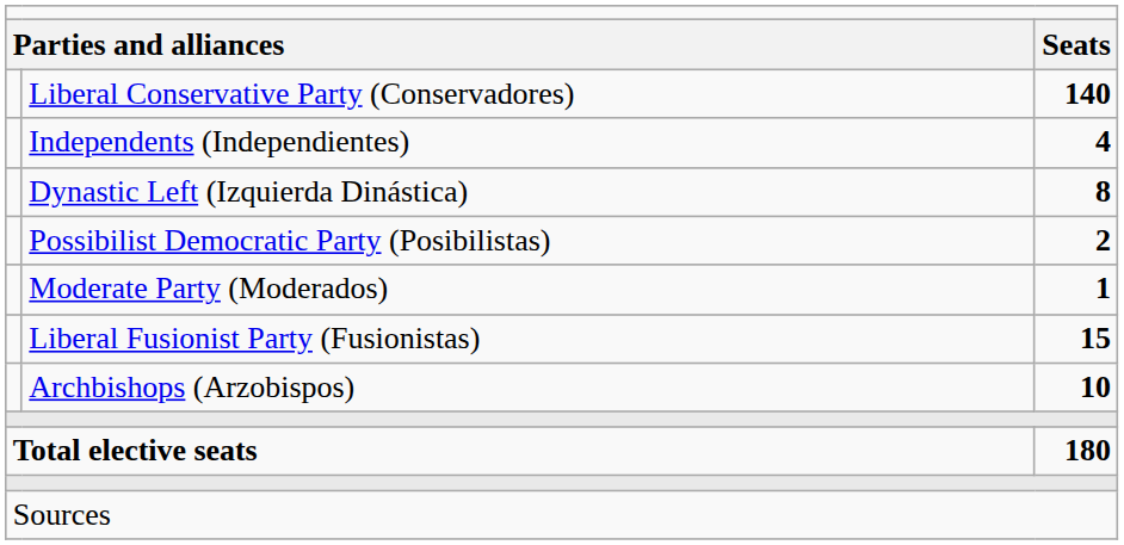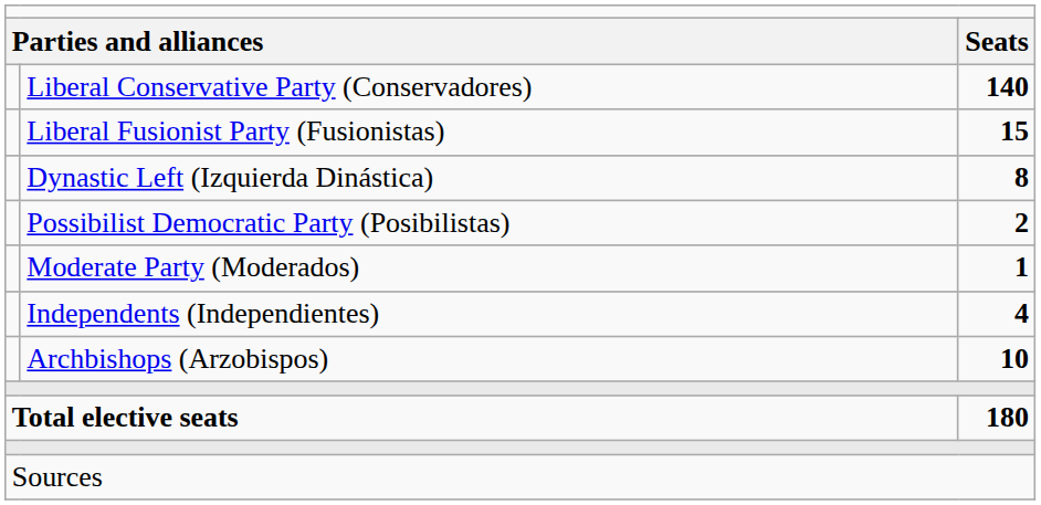 <table class="wikitable" style="text-align:right;">
 <tr>
 <td colspan="3"></td>
 </tr>
 <tr>
 <th style="text-align:left;" colspan="2" width="525">Parties and alliances</th>
 <th width="35">Seats</th>
 </tr>
 <tr>
 <td width="1" style="color:inherit;background:"></td>
 <td align="left"><a href='#'>Liberal Conservative Party</a> (Conservadores)</td>
 <td><strong>140</strong></td>
 </tr>
 <tr>
 <td style="color:inherit;background:"></td>
-<td align="left"><a href='#'>Independents</a> (Independientes)</td>
-<td><strong>4</strong></td>
+<td align="left"><a href='#'>Liberal Fusionist Party</a> (Fusionistas)</td>
+<td><strong>15</strong></td>
 </tr>
 <tr>
 <td style="color:inherit;background:"></td>
 <td align="left"><a href='#'>Dynastic Left</a> (Izquierda Dinástica)</td>
 <td><strong>8</strong></td>
 </tr>
 <tr>
 <td style="color:inherit;background:"></td>
 <td align="left"><a href='#'>Possibilist Democratic Party</a> (Posibilistas)</td>
 <td><strong>2</strong></td>
 </tr>
 <tr>
 <td style="color:inherit;background:"></td>
 <td align="left"><a href='#'>Moderate Party</a> (Moderados)</td>
 <td><strong>1</strong></td>
 </tr>
 <tr>
 <td style="color:inherit;background:"></td>
-<td align="left"><a href='#'>Liberal Fusionist Party</a> (Fusionistas)</td>
-<td><strong>15</strong></td>
+<td align="left"><a href='#'>Independents</a> (Independientes)</td>
+<td><strong>4</strong></td>
 </tr>
 <tr>
 <td style="color:inherit;background:"></td>
 <td align="left"><a href='#'>Archbishops</a> (Arzobispos)</td>
 <td><strong>10</strong></td>
 </tr>
 <tr>
 <td colspan="3" bgcolor="#E9E9E9"></td>
 </tr>
 <tr style="font-weight:bold;">
 <td align="left" colspan="2">Total elective seats</td>
 <td>180</td>
 </tr>
 <tr>
 <td colspan="3" bgcolor="#E9E9E9"></td>
 </tr>
 <tr>
 <td align="left" colspan="3">Sources</td>
 </tr>
 </table>
